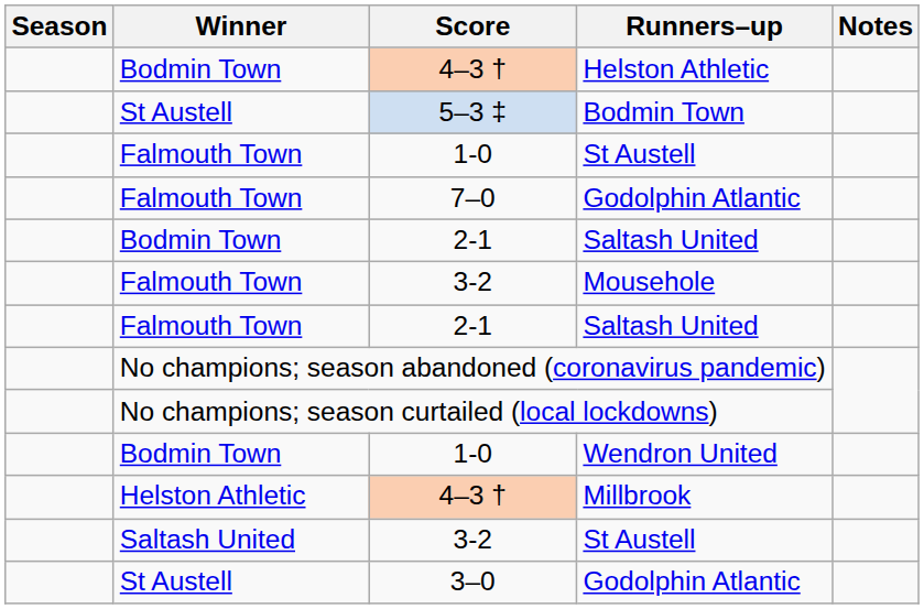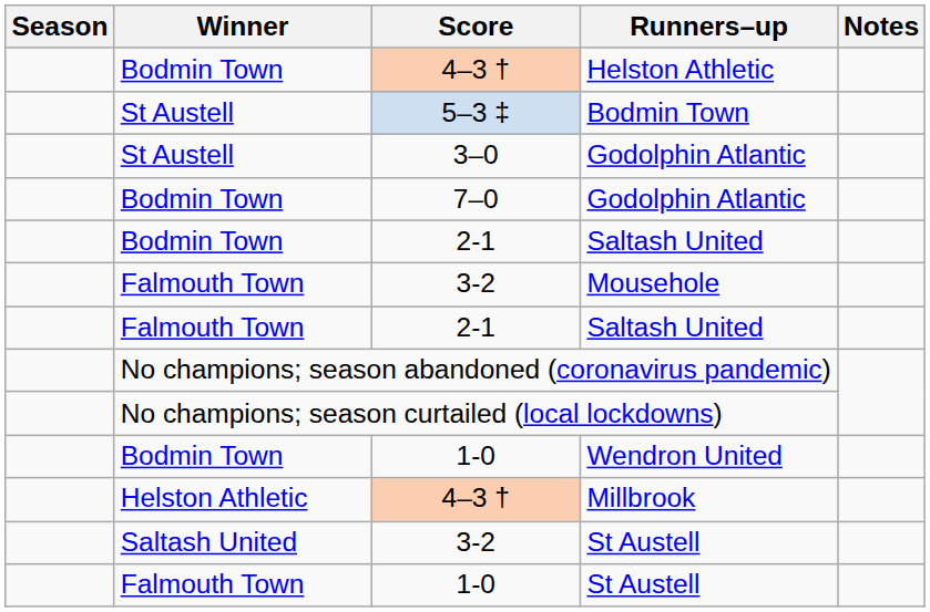 <table class="sortable wikitable">
 <tr>
 <th>Season</th>
 <th style="width:9em">Winner</th>
 <th>Score</th>
 <th style="width:9em">Runners–up</th>
 <th>Notes</th>
 </tr>
 <tr>
 <td align=center></td>
 <td><a href='#'>Bodmin Town</a></td>
 <td style="background-color:#FBCEB1" align=center>4–3 †</td>
 <td><a href='#'>Helston Athletic</a></td>
 <td style="background-color: align=center"></td>
 </tr>
 <tr>
 <td align=center></td>
 <td><a href='#'>St Austell</a></td>
 <td style="background-color:#cedff2" align=center>5–3 ‡</td>
 <td><a href='#'>Bodmin Town</a></td>
 <td style="background-color: align=center"><small></small></td>
 </tr>
 <tr>
 <td align=center></td>
-<td><a href='#'>Falmouth Town</a></td>
-<td align="center">1-0</td>
 <td><a href='#'>St Austell</a></td>
-<td></td>
+<td align=center>3–0</td>
+<td><a href='#'>Godolphin Atlantic</a></td>
+<td style="background-color: align=center"><small></small></td>
 </tr>
 <tr>
 <td align=center></td>
-<td><a href='#'>Falmouth Town</a></td>
+<td><a href='#'>Bodmin Town</a></td>
 <td align=center>7–0</td>
 <td><a href='#'>Godolphin Atlantic</a></td>
 <td style="background-color: align=center"><small></small></td>
 </tr>
 <tr>
 <td align=center></td>
 <td><a href='#'>Bodmin Town</a></td>
 <td align=center>2-1</td>
 <td><a href='#'>Saltash United</a></td>
 <td style="background-color: align=center"><small></small></td>
 </tr>
 <tr>
 <td align=center></td>
 <td><a href='#'>Falmouth Town</a></td>
 <td align=center>3-2</td>
 <td><a href='#'>Mousehole</a></td>
 <td style="background-color: align=center"><small></small></td>
 </tr>
 <tr>
 <td align=center></td>
 <td><a href='#'>Falmouth Town</a></td>
 <td align=center>2-1</td>
 <td><a href='#'>Saltash United</a></td>
 <td style="background-color: align=center"><small></small></td>
 </tr>
 <tr>
 <td align=center></td>
 <td colspan="3">No champions; season abandoned (<a href='#'>coronavirus pandemic</a>)</td>
 </tr>
 <tr>
 <td align=center></td>
 <td colspan="3">No champions; season curtailed (<a href='#'>local lockdowns</a>)</td>
 </tr>
 <tr>
 <td align=center></td>
 <td><a href='#'>Bodmin Town</a></td>
 <td align="center">1-0</td>
 <td><a href='#'>Wendron United</a></td>
 <td></td>
 </tr>
 <tr>
 <td align=center></td>
 <td><a href='#'>Helston Athletic</a></td>
 <td style="background-color:#FBCEB1" align=center>4–3 †</td>
 <td><a href='#'>Millbrook</a></td>
 <td></td>
 </tr>
 <tr>
 <td align=center></td>
 <td><a href='#'>Saltash United</a></td>
 <td align="center">3-2</td>
 <td><a href='#'>St Austell</a></td>
 <td></td>
 </tr>
 <tr>
 <td align=center></td>
+<td><a href='#'>Falmouth Town</a></td>
+<td align="center">1-0</td>
 <td><a href='#'>St Austell</a></td>
-<td align=center>3–0</td>
-<td><a href='#'>Godolphin Atlantic</a></td>
-<td style="background-color: align=center"><small></small></td>
+<td></td>
 </tr>
 </table>
